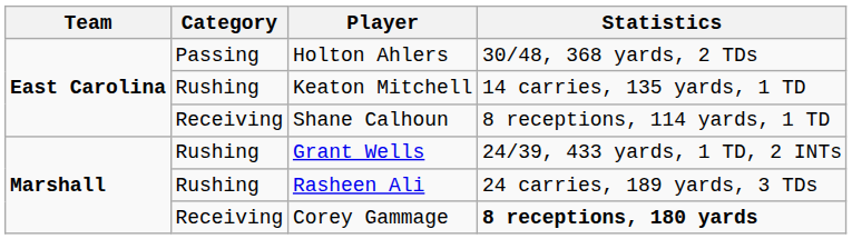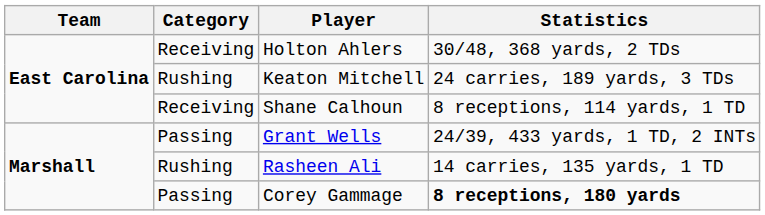 <table class="wikitable" style="float: left;">
 <tr>
 <th>Team</th>
 <th>Category</th>
 <th>Player</th>
 <th>Statistics</th>
 </tr>
 <tr>
 <td rowspan=3><strong>East Carolina</strong></td>
-<td>Passing</td>
+<td>Receiving</td>
 <td>Holton Ahlers</td>
 <td>30/48, 368 yards, 2 TDs</td>
 </tr>
 <tr>
 <td>Rushing</td>
 <td>Keaton Mitchell</td>
-<td>14 carries, 135 yards, 1 TD</td>
+<td>24 carries, 189 yards, 3 TDs</td>
 </tr>
 <tr>
 <td>Receiving</td>
 <td>Shane Calhoun</td>
 <td>8 receptions, 114 yards, 1 TD</td>
 </tr>
 <tr>
 <td rowspan=3><strong>Marshall</strong></td>
-<td>Rushing</td>
+<td>Passing</td>
 <td><a href='#'>Grant Wells</a></td>
 <td>24/39, 433 yards, 1 TD, 2 INTs</td>
 </tr>
 <tr>
 <td>Rushing</td>
 <td><a href='#'>Rasheen Ali</a></td>
-<td>24 carries, 189 yards, 3 TDs</td>
+<td>14 carries, 135 yards, 1 TD</td>
 </tr>
 <tr>
-<td>Receiving</td>
+<td>Passing</td>
 <td>Corey Gammage</td>
 <td><strong>8 receptions, 180 yards</strong></td>
 </tr>
 </table>
